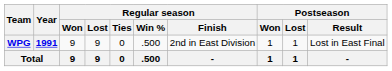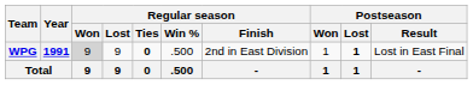 <table class="wikitable" style="font-size: 95%; text-align:center;">
 <tr>
 <th rowspan="2">Team</th>
 <th rowspan="2">Year</th>
 <th colspan="5">Regular season</th>
 <th colspan="5">Postseason</th>
 </tr>
 <tr>
 <th>Won</th>
 <th>Lost</th>
 <th>Ties</th>
 <th>Win %</th>
 <th>Finish</th>
 <th>Won</th>
 <th>Lost</th>
 <th>Result</th>
 </tr>
 <tr>
 <th><a href='#'>WPG</a></th>
 <th><a href='#'>1991</a></th>
+<td style="background: lightgrey;">9</td>
 <td>9</td>
-<td>9</td>
-<td>0</td>
+<td><strong>0</strong></td>
 <td>.500</td>
 <td>2nd in East Division</td>
 <td>1</td>
-<td>1</td>
+<td><strong>1</strong></td>
 <td>Lost in East Final</td>
 </tr>
 <tr>
 <th colspan="2">Total</th>
 <th>9</th>
 <th>9</th>
 <th>0</th>
 <th>.500</th>
 <th>-</th>
 <th>1</th>
 <th>1</th>
 <th>-</th>
 </tr>
 </table>
